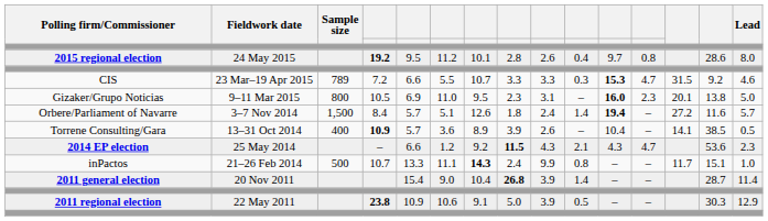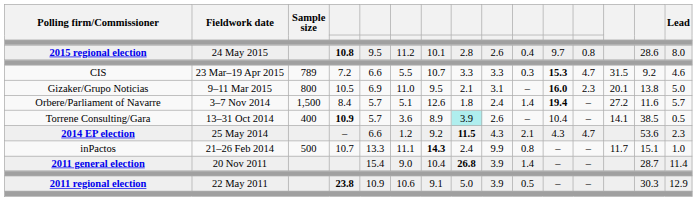 <table class="wikitable collapsible collapsed" style="text-align:center; font-size:90%; line-height:14px;">
 <tr style="height:42px;">
 <th style="width:250px;" rowspan="2">Polling firm/Commissioner</th>
 <th style="width:125px;" rowspan="2">Fieldwork date</th>
 <th style="width:50px;" rowspan="2">Sample size</th>
 <th style="width:35px;"></th>
 <th style="width:35px;"></th>
 <th style="width:35px;"></th>
 <th style="width:35px;"></th>
 <th style="width:35px;"></th>
 <th style="width:35px;"></th>
 <th style="width:35px;"></th>
 <th style="width:35px;"></th>
 <th style="width:35px;"></th>
 <th style="width:35px;" rowspan="2"></th>
 <th style="width:35px;" rowspan="2"></th>
 <th style="width:30px;" rowspan="2">Lead</th>
 </tr>
 <tr>
 <th style="color:inherit;background:"></th>
 <th style="color:inherit;background:"></th>
 <th style="color:inherit;background:"></th>
 <th style="color:inherit;background:"></th>
 <th style="color:inherit;background:"></th>
 <th style="color:inherit;background:"></th>
 <th style="color:inherit;background:"></th>
 <th style="color:inherit;background:"></th>
 <th style="color:inherit;background:"></th>
 </tr>
 <tr>
 <td colspan="15" style="background:#A0A0A0"></td>
 </tr>
 <tr style="background:#EFEFEF;">
 <td><strong><a href='#'>2015 regional election</a></strong></td>
 <td>24 May 2015</td>
 <td></td>
-<td><strong>19.2</strong></td>
+<td><strong>10.8</strong></td>
 <td>9.5</td>
 <td>11.2</td>
 <td>10.1</td>
 <td>2.8</td>
 <td>2.6</td>
 <td>0.4</td>
 <td>9.7</td>
 <td>0.8</td>
 <td></td>
 <td>28.6</td>
 <td style="background:">8.0</td>
 </tr>
 <tr>
 <td colspan="15" style="background:#A0A0A0"></td>
 </tr>
 <tr>
 <td>CIS</td>
 <td>23 Mar–19 Apr 2015</td>
 <td>789</td>
 <td>7.2</td>
 <td>6.6</td>
 <td>5.5</td>
 <td>10.7</td>
 <td>3.3</td>
 <td>3.3</td>
 <td>0.3</td>
 <td><strong>15.3</strong></td>
 <td>4.7</td>
 <td>31.5</td>
 <td>9.2</td>
 <td style="background:">4.6</td>
 </tr>
 <tr>
 <td>Gizaker/Grupo Noticias</td>
 <td>9–11 Mar 2015</td>
 <td>800</td>
 <td>10.5</td>
 <td>6.9</td>
 <td>11.0</td>
 <td>9.5</td>
-<td>2.3</td>
+<td>2.1</td>
 <td>3.1</td>
 <td>–</td>
 <td><strong>16.0</strong></td>
 <td>2.3</td>
 <td>20.1</td>
 <td>13.8</td>
 <td style="background:">5.0</td>
 </tr>
 <tr>
 <td>Orbere/Parliament of Navarre</td>
 <td>3–7 Nov 2014</td>
 <td>1,500</td>
 <td>8.4</td>
 <td>5.7</td>
 <td>5.1</td>
 <td>12.6</td>
 <td>1.8</td>
 <td>2.4</td>
 <td>1.4</td>
 <td><strong>19.4</strong></td>
 <td>–</td>
 <td>27.2</td>
 <td>11.6</td>
 <td style="background:">5.7</td>
 </tr>
 <tr>
 <td>Torrene Consulting/Gara</td>
 <td>13–31 Oct 2014</td>
 <td>400</td>
 <td><strong>10.9</strong></td>
 <td>5.7</td>
 <td>3.6</td>
 <td>8.9</td>
-<td>3.9</td>
+<td style="background: paleturquoise;">3.9</td>
 <td>2.6</td>
 <td>–</td>
 <td>10.4</td>
 <td>–</td>
 <td>14.1</td>
 <td>38.5</td>
 <td style="background:">0.5</td>
 </tr>
 <tr style="background:#EFEFEF;">
 <td><strong><a href='#'>2014 EP election</a></strong></td>
 <td>25 May 2014</td>
 <td></td>
 <td>–</td>
 <td>6.6</td>
 <td>1.2</td>
 <td>9.2</td>
 <td><strong>11.5</strong></td>
 <td>4.3</td>
 <td>2.1</td>
 <td>4.3</td>
 <td>4.7</td>
 <td></td>
 <td>53.6</td>
 <td style="background:">2.3</td>
 </tr>
 <tr>
 <td>inPactos</td>
 <td>21–26 Feb 2014</td>
 <td>500</td>
 <td>10.7</td>
 <td>13.3</td>
 <td>11.1</td>
 <td><strong>14.3</strong></td>
 <td>2.4</td>
 <td>9.9</td>
 <td>0.8</td>
 <td>–</td>
 <td>–</td>
 <td>11.7</td>
 <td>15.1</td>
 <td style="background:">1.0</td>
 </tr>
 <tr style="background:#EFEFEF;">
 <td><strong><a href='#'>2011 general election</a></strong></td>
 <td>20 Nov 2011</td>
 <td></td>
 <td></td>
 <td>15.4</td>
 <td>9.0</td>
 <td>10.4</td>
 <td><strong>26.8</strong></td>
 <td>3.9</td>
 <td>1.4</td>
 <td>–</td>
 <td>–</td>
 <td></td>
 <td>28.7</td>
 <td style="background:">11.4</td>
 </tr>
 <tr>
 <td colspan="15" style="background:#A0A0A0"></td>
 </tr>
 <tr style="background:#EFEFEF;">
 <td><strong><a href='#'>2011 regional election</a></strong></td>
 <td>22 May 2011</td>
 <td></td>
 <td><strong>23.8</strong></td>
 <td>10.9</td>
 <td>10.6</td>
 <td>9.1</td>
 <td>5.0</td>
 <td>3.9</td>
 <td>0.5</td>
 <td>–</td>
 <td>–</td>
 <td></td>
 <td>30.3</td>
 <td style="background:">12.9</td>
 </tr>
 <tr>
 <td colspan="15" style="background:#A0A0A0"></td>
 </tr>
 </table>
